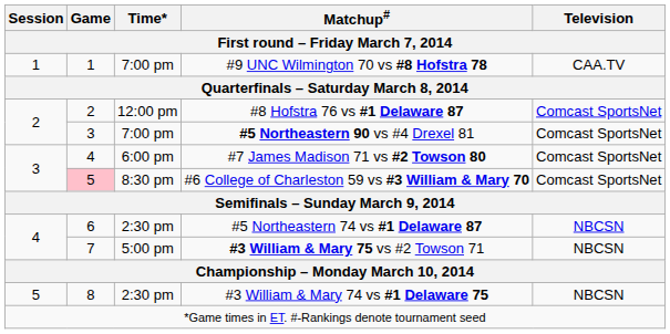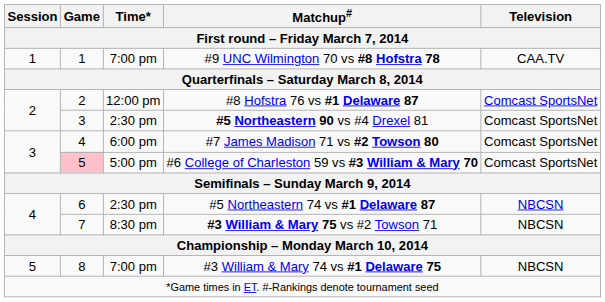 <table class="wikitable" style="font-size: 95%;text-align:center">
 <tr>
 <th>Session</th>
 <th>Game</th>
 <th>Time*</th>
 <th>Matchup<sup>#</sup></th>
 <th>Television</th>
 </tr>
 <tr>
 <th colspan=5>First round – Friday March 7, 2014</th>
 </tr>
 <tr>
 <td rowspan=1>1</td>
 <td>1</td>
 <td>7:00 pm</td>
 <td>#9 <a href='#'>UNC Wilmington</a> 70 vs <strong>#8 <a href='#'>Hofstra</a> 78</strong></td>
 <td>CAA.TV</td>
 </tr>
 <tr>
 <th colspan=5>Quarterfinals – Saturday March 8, 2014</th>
 </tr>
 <tr>
 <td rowspan=2>2</td>
 <td>2</td>
 <td>12:00 pm</td>
 <td>#8 <a href='#'>Hofstra</a> 76 vs <strong>#1 <a href='#'>Delaware</a> 87</strong></td>
 <td><a href='#'>Comcast SportsNet</a></td>
 </tr>
 <tr>
 <td>3</td>
-<td>7:00 pm</td>
+<td>2:30 pm</td>
 <td><strong>#5 <a href='#'>Northeastern</a> 90</strong> vs #4 <a href='#'>Drexel</a> 81</td>
 <td>Comcast SportsNet</td>
 </tr>
 <tr>
 <td rowspan=2>3</td>
 <td>4</td>
 <td>6:00 pm</td>
 <td>#7 <a href='#'>James Madison</a> 71 vs <strong>#2 <a href='#'>Towson</a> 80</strong></td>
 <td>Comcast SportsNet</td>
 </tr>
 <tr>
 <td style="background: pink;">5</td>
-<td>8:30 pm</td>
+<td>5:00 pm</td>
 <td>#6 <a href='#'>College of Charleston</a> 59 vs <strong>#3 <a href='#'>William & Mary</a> 70</strong></td>
 <td>Comcast SportsNet</td>
 </tr>
 <tr>
 <th colspan=5>Semifinals – Sunday March 9, 2014</th>
 </tr>
 <tr>
 <td rowspan=2>4</td>
 <td>6</td>
 <td>2:30 pm</td>
 <td>#5 <a href='#'>Northeastern</a> 74 vs <strong>#1 <a href='#'>Delaware</a> 87</strong></td>
 <td><a href='#'>NBCSN</a></td>
 </tr>
 <tr>
 <td>7</td>
-<td>5:00 pm</td>
+<td>8:30 pm</td>
 <td><strong>#3 <a href='#'>William & Mary</a> 75</strong> vs #2 <a href='#'>Towson</a> 71</td>
 <td>NBCSN</td>
 </tr>
 <tr>
 <th colspan=5>Championship – Monday March 10, 2014</th>
 </tr>
 <tr>
 <td>5</td>
 <td>8</td>
-<td>2:30 pm</td>
+<td>7:00 pm</td>
 <td>#3 <a href='#'>William & Mary</a> 74 vs <strong>#1 <a href='#'>Delaware</a> 75</strong></td>
 <td>NBCSN</td>
 </tr>
 <tr>
 <td colspan=5><small>*Game times in <a href='#'>ET</a>. #-Rankings denote tournament seed</small></td>
 </tr>
 </table>
